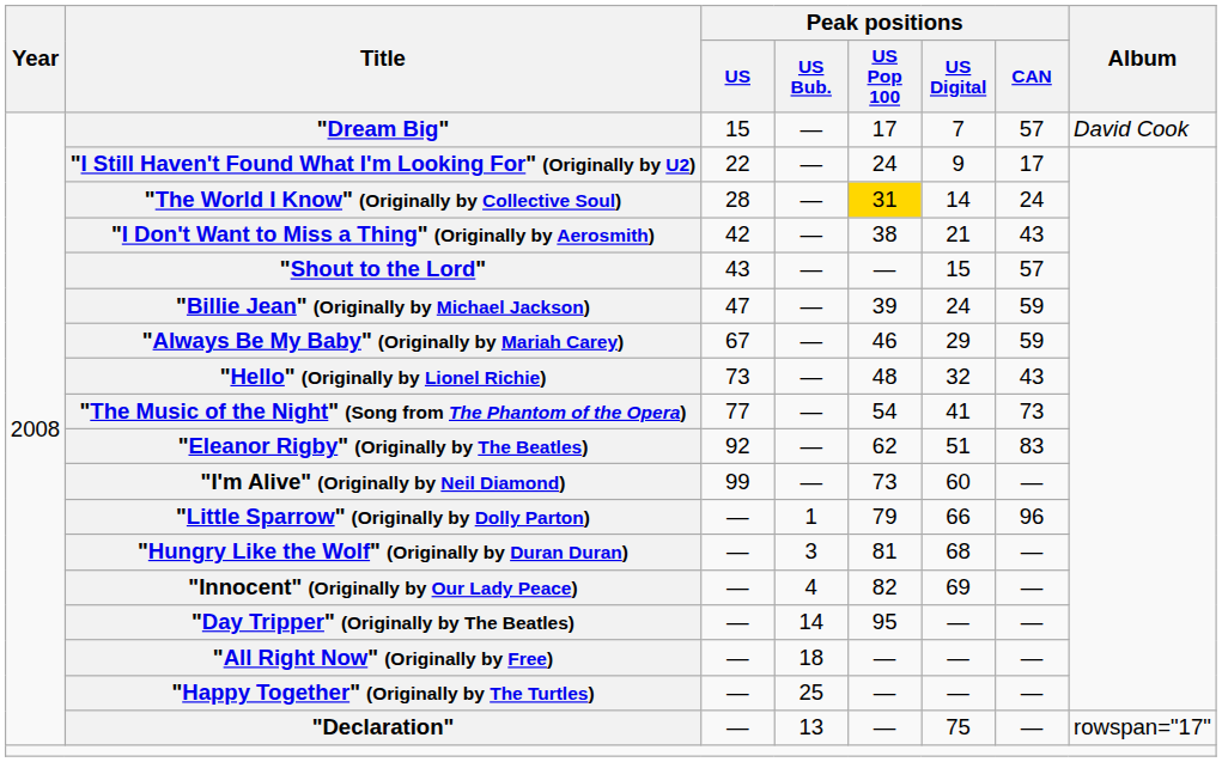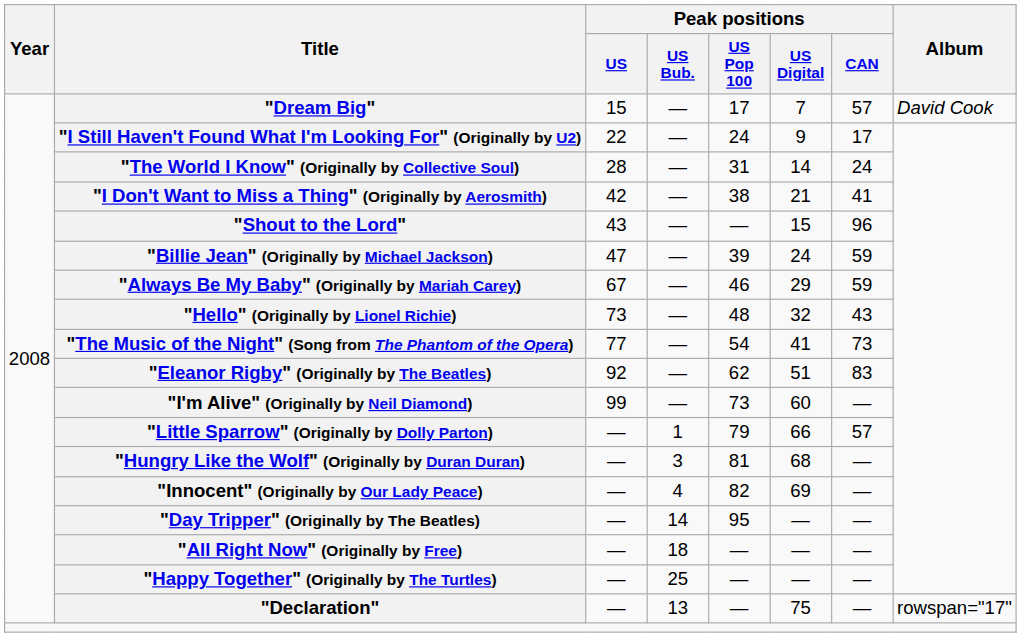 <table class="wikitable plainrowheaders" style="text-align:center;">
 <tr>
 <th rowspan="2">Year</th>
 <th rowspan="2">Title</th>
 <th colspan="5">Peak positions</th>
 <th rowspan="2">Album</th>
 </tr>
 <tr style="font-size:smaller;">
 <th style="width:3.5em;"><a href='#'>US</a><br></th>
 <th style="width:3.5em;"><a href='#'>US Bub.</a><br></th>
 <th style="width:3.5em;"><a href='#'>US Pop 100</a><br></th>
 <th style="width:3.5em;"><a href='#'>US Digital</a><br></th>
 <th style="width:3.5em;"><a href='#'>CAN</a><br></th>
 </tr>
 <tr>
 <td rowspan="18">2008</td>
 <th scope="row">"<a href='#'>Dream Big</a>"</th>
 <td>15</td>
 <td>—</td>
 <td>17</td>
 <td>7</td>
 <td>57</td>
 <td align="left"><em>David Cook</em></td>
 </tr>
 <tr>
 <th scope="row">"<a href='#'>I Still Haven't Found What I'm Looking For</a>" <small>(Originally by <a href='#'>U2</a>)</small></th>
 <td>22</td>
 <td>—</td>
 <td>24</td>
 <td>9</td>
 <td>17</td>
 </tr>
 <tr>
 <th scope="row">"<a href='#'>The World I Know</a>" <small>(Originally by <a href='#'>Collective Soul</a>)</small></th>
 <td>28</td>
 <td>—</td>
-<td style="background: gold;">31</td>
+<td>31</td>
 <td>14</td>
 <td>24</td>
 </tr>
 <tr>
 <th scope="row">"<a href='#'>I Don't Want to Miss a Thing</a>" <small>(Originally by <a href='#'>Aerosmith</a>)</small></th>
 <td>42</td>
 <td>—</td>
 <td>38</td>
 <td>21</td>
-<td>43</td>
+<td>41</td>
 </tr>
 <tr>
 <th scope="row">"<a href='#'>Shout to the Lord</a>" </th>
 <td>43</td>
 <td>—</td>
 <td>—</td>
 <td>15</td>
-<td>57</td>
+<td>96</td>
 </tr>
 <tr>
 <th scope="row">"<a href='#'>Billie Jean</a>" <small>(Originally by <a href='#'>Michael Jackson</a>)</small></th>
 <td>47</td>
 <td>—</td>
 <td>39</td>
 <td>24</td>
 <td>59</td>
 </tr>
 <tr>
 <th scope="row">"<a href='#'>Always Be My Baby</a>" <small>(Originally by <a href='#'>Mariah Carey</a>)</small></th>
 <td>67</td>
 <td>—</td>
 <td>46</td>
 <td>29</td>
 <td>59</td>
 </tr>
 <tr>
 <th scope="row">"<a href='#'>Hello</a>" <small>(Originally by <a href='#'>Lionel Richie</a>)</small></th>
 <td>73</td>
 <td>—</td>
 <td>48</td>
 <td>32</td>
 <td>43</td>
 </tr>
 <tr>
 <th scope="row">"<a href='#'>The Music of the Night</a>" <small>(Song from <em><a href='#'>The Phantom of the Opera</a></em>)</small></th>
 <td>77</td>
 <td>—</td>
 <td>54</td>
 <td>41</td>
 <td>73</td>
 </tr>
 <tr>
 <th scope="row">"<a href='#'>Eleanor Rigby</a>" <small>(Originally by <a href='#'>The Beatles</a>)</small></th>
 <td>92</td>
 <td>—</td>
 <td>62</td>
 <td>51</td>
 <td>83</td>
 </tr>
 <tr>
 <th scope="row">"I'm Alive" <small>(Originally by <a href='#'>Neil Diamond</a>)</small></th>
 <td>99</td>
 <td>—</td>
 <td>73</td>
 <td>60</td>
 <td>—</td>
 </tr>
 <tr>
 <th scope="row">"<a href='#'>Little Sparrow</a>" <small>(Originally by <a href='#'>Dolly Parton</a>)</small></th>
 <td>—</td>
 <td>1</td>
 <td>79</td>
 <td>66</td>
-<td>96</td>
+<td>57</td>
 </tr>
 <tr>
 <th scope="row">"<a href='#'>Hungry Like the Wolf</a>" <small>(Originally by <a href='#'>Duran Duran</a>)</small></th>
 <td>—</td>
 <td>3</td>
 <td>81</td>
 <td>68</td>
 <td>—</td>
 </tr>
 <tr>
 <th scope="row">"Innocent" <small>(Originally by <a href='#'>Our Lady Peace</a>)</small></th>
 <td>—</td>
 <td>4</td>
 <td>82</td>
 <td>69</td>
 <td>—</td>
 </tr>
 <tr>
 <th scope="row">"<a href='#'>Day Tripper</a>" <small>(Originally by The Beatles)</small></th>
 <td>—</td>
 <td>14</td>
 <td>95</td>
 <td>—</td>
 <td>—</td>
 </tr>
 <tr>
 <th scope="row">"<a href='#'>All Right Now</a>" <small>(Originally by <a href='#'>Free</a>)</small></th>
 <td>—</td>
 <td>18</td>
 <td>—</td>
 <td>—</td>
 <td>—</td>
 </tr>
 <tr>
 <th scope="row">"<a href='#'>Happy Together</a>" <small>(Originally by <a href='#'>The Turtles</a>)</small></th>
 <td>—</td>
 <td>25</td>
 <td>—</td>
 <td>—</td>
 <td>—</td>
 </tr>
 <tr>
 <th scope="row">"Declaration"</th>
 <td>—</td>
 <td>13</td>
 <td>—</td>
 <td>75</td>
 <td>—</td>
 <td>rowspan="17" </td>
 </tr>
 <tr>
 <td align="center" colspan="8"></td>
 </tr>
 </table>
